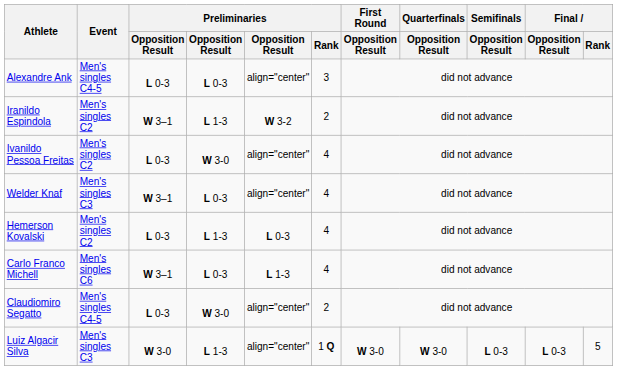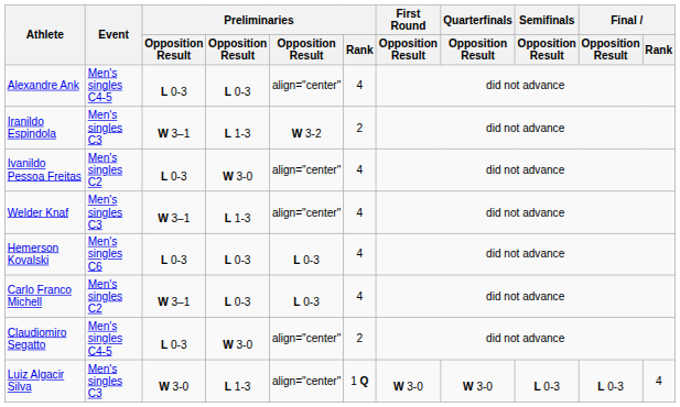 <table class=wikitable style="font-size:90%">
 <tr>
 <th rowspan="2">Athlete</th>
 <th rowspan="2">Event</th>
 <th colspan="4">Preliminaries</th>
 <th>First Round</th>
 <th>Quarterfinals</th>
 <th>Semifinals</th>
 <th colspan="2">Final / </th>
 </tr>
 <tr>
 <th>Opposition<br>Result</th>
 <th>Opposition<br>Result</th>
 <th>Opposition<br>Result</th>
 <th>Rank</th>
 <th>Opposition<br>Result</th>
 <th>Opposition<br>Result</th>
 <th>Opposition<br>Result</th>
 <th>Opposition<br>Result</th>
 <th>Rank</th>
 </tr>
 <tr>
 <td><a href='#'>Alexandre Ank</a></td>
 <td><a href='#'>Men's singles C4-5</a></td>
 <td align="center"><br><strong>L</strong> 0-3</td>
 <td align="center"><br><strong>L</strong> 0-3</td>
 <td>align="center" </td>
-<td align="center">3</td>
+<td align="center">4</td>
 <td align="center" colspan="5">did not advance</td>
 </tr>
 <tr>
 <td><a href='#'>Iranildo Espindola</a></td>
-<td><a href='#'>Men's singles C2</a></td>
+<td><a href='#'>Men's singles C3</a></td>
 <td align="center"><br><strong>W</strong> 3–1</td>
 <td align="center"><br><strong>L</strong> 1-3</td>
 <td align="center"><br><strong>W</strong> 3-2</td>
 <td align="center">2</td>
 <td align="center" colspan="5">did not advance</td>
 </tr>
 <tr>
 <td><a href='#'>Ivanildo Pessoa Freitas</a></td>
 <td><a href='#'>Men's singles C2</a></td>
 <td align="center"><br><strong>L</strong> 0-3</td>
 <td align="center"><br><strong>W</strong> 3-0</td>
 <td>align="center" </td>
 <td align="center">4</td>
 <td align="center" colspan="5">did not advance</td>
 </tr>
 <tr>
 <td><a href='#'>Welder Knaf</a></td>
 <td><a href='#'>Men's singles C3</a></td>
 <td align="center"><br><strong>W</strong> 3–1</td>
-<td align="center"><br><strong>L</strong> 0-3</td>
+<td align="center"><br><strong>L</strong> 1-3</td>
 <td>align="center" </td>
 <td align="center">4</td>
 <td align="center" colspan="5">did not advance</td>
 </tr>
 <tr>
 <td><a href='#'>Hemerson Kovalski</a></td>
-<td><a href='#'>Men's singles C2</a></td>
+<td><a href='#'>Men's singles C6</a></td>
 <td align="center"><br><strong>L</strong> 0-3</td>
-<td align="center"><br><strong>L</strong> 1-3</td>
+<td align="center"><br><strong>L</strong> 0-3</td>
 <td align="center"><br><strong>L</strong> 0-3</td>
 <td align="center">4</td>
 <td align="center" colspan="5">did not advance</td>
 </tr>
 <tr>
 <td><a href='#'>Carlo Franco Michell</a></td>
-<td><a href='#'>Men's singles C6</a></td>
+<td><a href='#'>Men's singles C2</a></td>
 <td align="center"><br><strong>W</strong> 3–1</td>
 <td align="center"><br><strong>L</strong> 0-3</td>
-<td align="center"><br><strong>L</strong> 1-3</td>
+<td align="center"><br><strong>L</strong> 0-3</td>
 <td align="center">4</td>
 <td align="center" colspan="5">did not advance</td>
 </tr>
 <tr>
 <td><a href='#'>Claudiomiro Segatto</a></td>
 <td><a href='#'>Men's singles C4-5</a></td>
 <td align="center"><br><strong>L</strong> 0-3</td>
 <td align="center"><br><strong>W</strong> 3-0</td>
 <td>align="center" </td>
 <td align="center">2</td>
 <td align="center" colspan="5">did not advance</td>
 </tr>
 <tr>
 <td><a href='#'>Luiz Algacir Silva</a></td>
 <td><a href='#'>Men's singles C3</a></td>
 <td align="center"><br><strong>W</strong> 3-0</td>
 <td align="center"><br><strong>L</strong> 1-3</td>
 <td>align="center" </td>
 <td align="center">1 <strong>Q</strong></td>
 <td align="center"><br><strong>W</strong> 3-0</td>
 <td align="center"><br><strong>W</strong> 3-0</td>
 <td align="center"><br><strong>L</strong> 0-3</td>
 <td align="center"><br><strong>L</strong> 0-3</td>
-<td align="center">5</td>
+<td align="center">4</td>
 </tr>
 </table>
